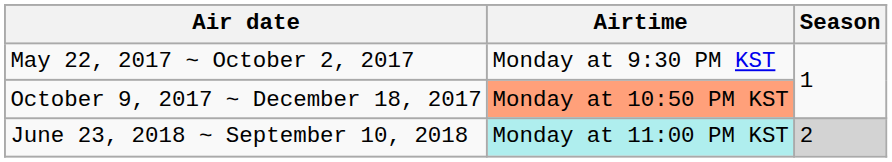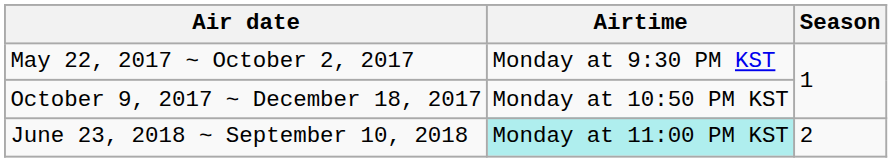 <table class="wikitable" style = "font-size: 90%; style="text-align:center">
 <tr>
 <th>Air date</th>
 <th>Airtime</th>
 <th>Season</th>
 </tr>
 <tr>
 <td>May 22, 2017 ~ October 2, 2017</td>
 <td>Monday at 9:30 PM <a href='#'>KST</a></td>
 <td rowspan=2>1</td>
 </tr>
 <tr>
 <td>October 9, 2017 ~ December 18, 2017</td>
-<td style="background: lightsalmon;">Monday at 10:50 PM KST</td>
+<td>Monday at 10:50 PM KST</td>
 </tr>
 <tr>
 <td>June 23, 2018 ~ September 10, 2018</td>
 <td style="background: paleturquoise;">Monday at 11:00 PM KST</td>
-<td style="background: lightgrey;">2</td>
+<td>2</td>
 </tr>
 </table>
